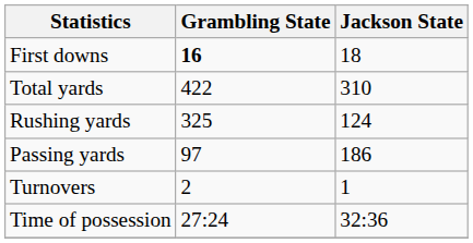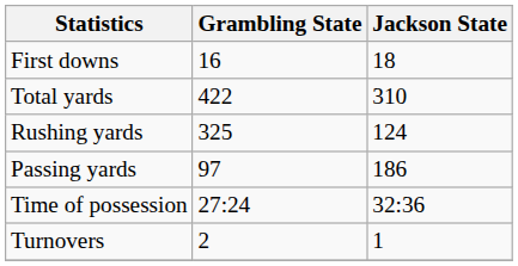 <table class="wikitable">
 <tr>
 <th>Statistics</th>
 <th>Grambling State</th>
 <th>Jackson State</th>
 </tr>
 <tr>
 <td>First downs</td>
-<td><strong>16</strong></td>
+<td>16</td>
 <td>18</td>
 </tr>
 <tr>
 <td>Total yards</td>
 <td>422</td>
 <td>310</td>
 </tr>
 <tr>
 <td>Rushing yards</td>
 <td>325</td>
 <td>124</td>
 </tr>
 <tr>
 <td>Passing yards</td>
 <td>97</td>
 <td>186</td>
 </tr>
 <tr>
+<td>Time of possession</td>
+<td>27:24</td>
+<td>32:36</td>
+</tr>
+<tr>
 <td>Turnovers</td>
 <td>2</td>
 <td>1</td>
 </tr>
 <tr>
-<td>Time of possession</td>
-<td>27:24</td>
-<td>32:36</td>
-</tr>
-<tr>
 </tr>
 </table>
